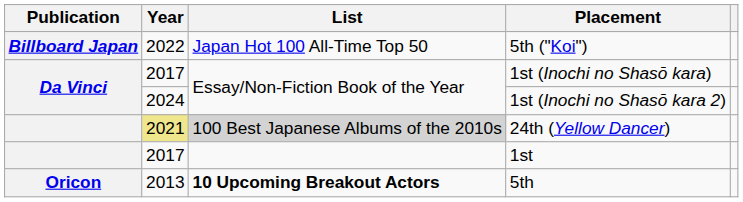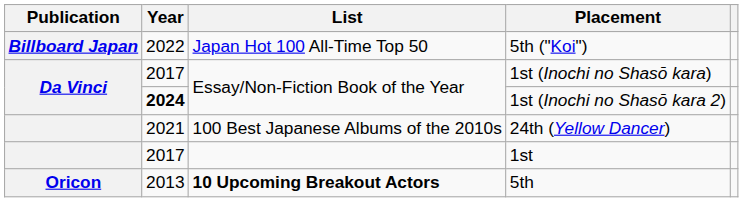 <table class="wikitable sortable plainrowheaders" style="text-align:left;" id="listicles">
 <tr>
 <th scope="col">Publication</th>
 <th scope="col">Year</th>
 <th scope="col">List</th>
 <th scope="col">Placement</th>
 <th scope="col" class="unsortable"></th>
 </tr>
 <tr>
 <th scope="row" rowspan="1"><em><a href='#'>Billboard Japan</a></em></th>
 <td>2022</td>
 <td><a href='#'>Japan Hot 100</a> All-Time Top 50</td>
 <td>5th ("<a href='#'>Koi</a>")</td>
 <td style="text-align:center;"></td>
 </tr>
 <tr>
 <th scope="row" rowspan="2"><em><a href='#'>Da Vinci</a></em></th>
 <td>2017</td>
 <td rowspan="2">Essay/Non-Fiction Book of the Year</td>
 <td>1st (<em>Inochi no Shasō kara</em>)</td>
 <td style="text-align:center;"></td>
 </tr>
 <tr>
-<td>2024</td>
+<td><strong>2024</strong></td>
 <td>1st (<em>Inochi no Shasō kara 2</em>)</td>
 <td style="text-align:center;"></td>
 </tr>
 <tr>
 <th scope="row" rowspan="1"></th>
-<td style="background: khaki;">2021</td>
-<td style="background: lightgrey;">100 Best Japanese Albums of the 2010s</td>
+<td>2021</td>
+<td>100 Best Japanese Albums of the 2010s</td>
 <td>24th (<em><a href='#'>Yellow Dancer</a></em>)</td>
 <td style="text-align:center;"></td>
 </tr>
 <tr>
 <th scope="row" rowspan="1"></th>
 <td>2017</td>
 <td rowspan="1"></td>
 <td>1st</td>
 <td style="text-align:center;"></td>
 </tr>
 <tr>
 <th scope="row"><a href='#'>Oricon</a></th>
 <td>2013</td>
 <td><strong>10 Upcoming Breakout Actors</strong></td>
 <td>5th</td>
 <td style="text-align:center;"></td>
 </tr>
 </table>
